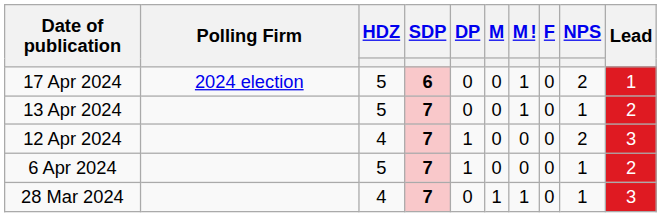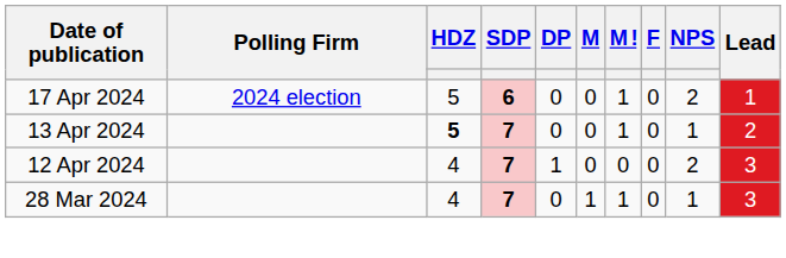 <table class="wikitable sortable" style="text-align:center; font-size:90%; line-height:16px;">
 <tr style="height:42px;">
 <th style="width:100px;" rowspan="2">Date of publication</th>
 <th style="width:165px;" rowspan="2">Polling Firm</th>
 <th><a href='#'>HDZ</a></th>
 <th><a href='#'>SDP</a></th>
 <th><a href='#'>DP</a></th>
 <th><a href='#'>M</a></th>
 <th style="letter-spacing:-1px;"><a href='#'>M !</a></th>
 <th><a href='#'>F</a></th>
 <th><a href='#'>NPS</a></th>
 <th class="unsortable" style="width:20px;" rowspan="2">Lead</th>
 </tr>
 <tr>
 <th style="color:inherit;background:"></th>
 <th data-sort-type="number" style="color:inherit;background:"></th>
 <th style="color:inherit;background:"></th>
 <th style="color:inherit;background:"></th>
 <th style="color:inherit;background:"></th>
 <th style="color:inherit;background:"></th>
 <th style="color:inherit;background:"></th>
 </tr>
 <tr>
 <td>17 Apr 2024</td>
 <td><a href='#'>2024 election</a></td>
 <td>5</td>
 <td style="background:#F9C8CA"><strong>6</strong></td>
 <td>0</td>
 <td>0</td>
 <td>1</td>
 <td>0</td>
 <td>2</td>
 <td style="background:#DF1A22; color: white">1</td>
 </tr>
 <tr>
 <td>13 Apr 2024</td>
 <td></td>
-<td>5</td>
+<td><strong>5</strong></td>
 <td style="background:#F9C8CA"><strong>7</strong></td>
 <td>0</td>
 <td>0</td>
 <td>1</td>
 <td>0</td>
 <td>1</td>
 <td style="background:#DF1A22; color: white">2</td>
 </tr>
 <tr>
 <td>12 Apr 2024</td>
 <td></td>
 <td>4</td>
 <td style="background:#F9C8CA"><strong>7</strong></td>
 <td>1</td>
 <td>0</td>
 <td>0</td>
 <td>0</td>
 <td>2</td>
 <td style="background:#DF1A22; color: white">3</td>
 </tr>
 <tr>
-<td>6 Apr 2024</td>
-<td></td>
-<td>5</td>
-<td style="background:#F9C8CA"><strong>7</strong></td>
-<td>1</td>
-<td>0</td>
-<td>0</td>
-<td>0</td>
-<td>1</td>
-<td style="background:#DF1A22; color: white">2</td>
-</tr>
-<tr>
 <td>28 Mar 2024</td>
 <td></td>
 <td>4</td>
 <td style="background:#F9C8CA"><strong>7</strong></td>
 <td>0</td>
 <td>1</td>
 <td>1</td>
 <td>0</td>
 <td>1</td>
 <td style="background:#DF1A22; color:white;">3</td>
 </tr>
 </table>
